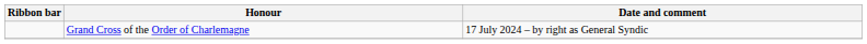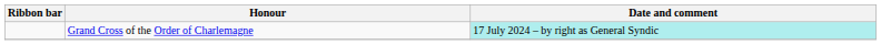 <table class="wikitable" style="width:100%;">
 <tr>
 <th style="width:80px;">Ribbon bar</th>
 <th>Honour</th>
 <th>Date and comment</th>
 </tr>
 <tr>
 <td></td>
 <td><a href='#'>Grand Cross</a> of the <a href='#'>Order of Charlemagne</a></td>
-<td>17 July 2024 – by right as General Syndic</td>
+<td style="background: paleturquoise;">17 July 2024 – by right as General Syndic</td>
 </tr>
 <tr>
 </tr>
 </table>
